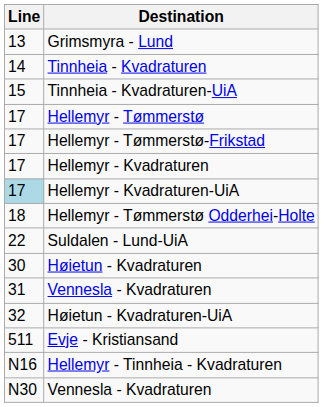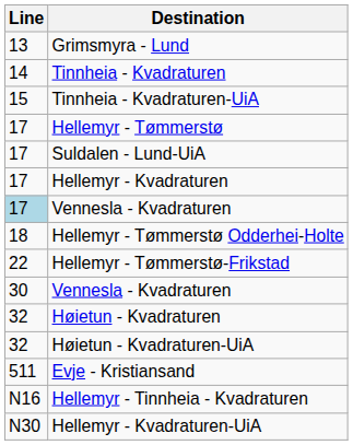 <table class="wikitable sortable">
 <tr>
 <th>Line</th>
 <th>Destination</th>
 </tr>
 <tr>
 <td>13</td>
 <td>Grimsmyra - <a href='#'>Lund</a></td>
 </tr>
 <tr>
 <td>14</td>
 <td><a href='#'>Tinnheia</a> - <a href='#'>Kvadraturen</a></td>
 </tr>
 <tr>
 <td>15</td>
 <td>Tinnheia - Kvadraturen-<a href='#'>UiA</a></td>
 </tr>
 <tr>
 <td>17</td>
 <td><a href='#'>Hellemyr</a> - <a href='#'>Tømmerstø</a></td>
 </tr>
 <tr>
 <td>17</td>
-<td>Hellemyr - Tømmerstø-<a href='#'>Frikstad</a></td>
+<td>Suldalen - Lund-UiA</td>
 </tr>
 <tr>
 <td>17</td>
 <td>Hellemyr - Kvadraturen</td>
 </tr>
 <tr>
 <td style="background: lightblue;">17</td>
-<td>Hellemyr - Kvadraturen-UiA</td>
+<td>Vennesla - Kvadraturen</td>
 </tr>
 <tr>
 <td>18</td>
 <td>Hellemyr - Tømmerstø <a href='#'>Odderhei</a>-<a href='#'>Holte</a></td>
 </tr>
 <tr>
 <td>22</td>
-<td>Suldalen - Lund-UiA</td>
+<td>Hellemyr - Tømmerstø-<a href='#'>Frikstad</a></td>
 </tr>
 <tr>
 <td>30</td>
-<td><a href='#'>Høietun</a> - Kvadraturen</td>
+<td><a href='#'>Vennesla</a> - Kvadraturen</td>
 </tr>
 <tr>
-<td>31</td>
-<td><a href='#'>Vennesla</a> - Kvadraturen</td>
+<td>32</td>
+<td><a href='#'>Høietun</a> - Kvadraturen</td>
 </tr>
 <tr>
 <td>32</td>
 <td>Høietun - Kvadraturen-UiA</td>
 </tr>
 <tr>
 <td>511</td>
 <td><a href='#'>Evje</a> - Kristiansand</td>
 </tr>
 <tr>
 <td>N16</td>
 <td><a href='#'>Hellemyr</a> - Tinnheia - Kvadraturen</td>
 </tr>
 <tr>
 <td>N30</td>
-<td>Vennesla - Kvadraturen</td>
+<td>Hellemyr - Kvadraturen-UiA</td>
 </tr>
 </table>
